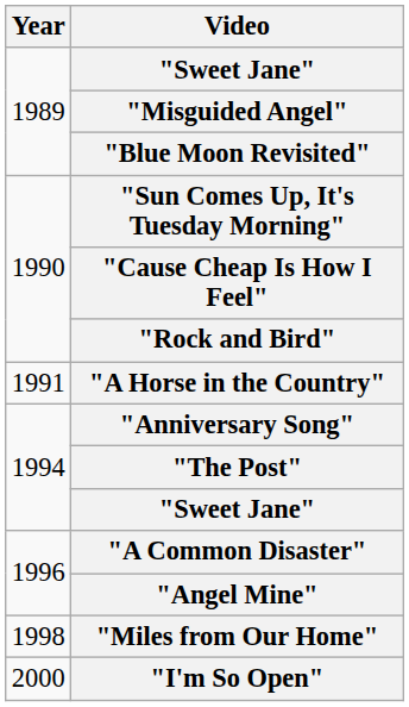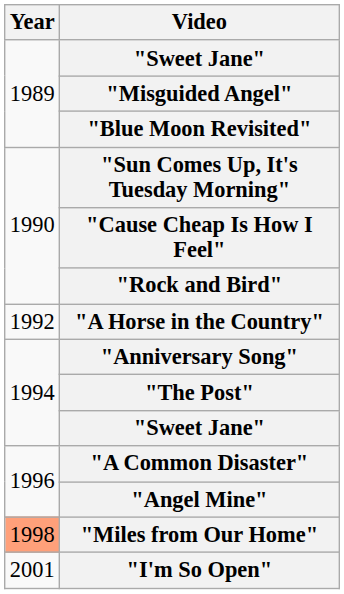 <table class="wikitable plainrowheaders">
 <tr>
 <th>Year</th>
 <th style="width:12em;">Video</th>
 </tr>
 <tr>
 <td rowspan="3">1989</td>
 <th scope="row">"Sweet Jane"</th>
 </tr>
 <tr>
 <th scope="row">"Misguided Angel"</th>
 </tr>
 <tr>
 <th scope="row">"Blue Moon Revisited"</th>
 </tr>
 <tr>
 <td rowspan="3">1990</td>
 <th scope="row">"Sun Comes Up, It's Tuesday Morning"</th>
 </tr>
 <tr>
 <th scope="row">"Cause Cheap Is How I Feel"</th>
 </tr>
 <tr>
 <th scope="row">"Rock and Bird"</th>
 </tr>
 <tr>
-<td>1991</td>
+<td>1992</td>
 <th scope="row">"A Horse in the Country"</th>
 </tr>
 <tr>
 <td rowspan="3">1994</td>
 <th scope="row">"Anniversary Song"</th>
 </tr>
 <tr>
 <th scope="row">"The Post"</th>
 </tr>
 <tr>
 <th scope="row">"Sweet Jane"</th>
 </tr>
 <tr>
 <td rowspan="2">1996</td>
 <th scope="row">"A Common Disaster"</th>
 </tr>
 <tr>
 <th scope="row">"Angel Mine"</th>
 </tr>
 <tr>
-<td>1998</td>
+<td style="background: lightsalmon;">1998</td>
 <th scope="row">"Miles from Our Home"</th>
 </tr>
 <tr>
-<td>2000</td>
+<td>2001</td>
 <th scope="row">"I'm So Open"</th>
 </tr>
 </table>
